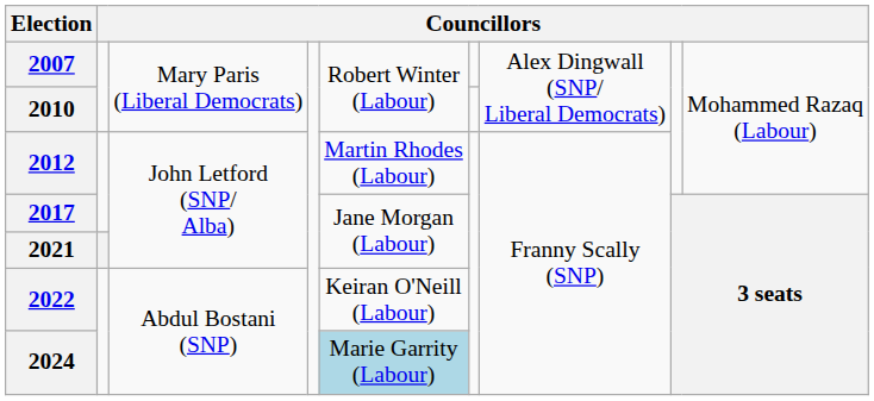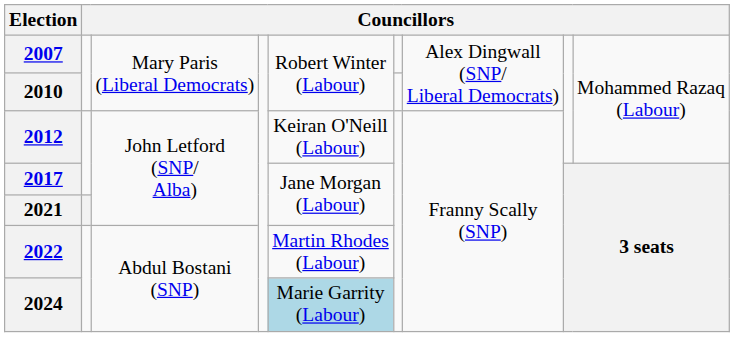 <table class="wikitable" style="text-align:center">
 <tr>
 <th>Election</th>
 <th colspan=8>Councillors</th>
 </tr>
 <tr>
 <th><a href='#'>2007</a></th>
 <td rowspan=2; style="background-color: "></td>
 <td rowspan=2>Mary Paris<br>(<a href='#'>Liberal Democrats</a>)</td>
 <td rowspan=77; style="background-color: "></td>
 <td rowspan=2>Robert Winter<br>(<a href='#'>Labour</a>)</td>
 <td rowspan=1; style="background-color: "></td>
 <td rowspan=2>Alex Dingwall<br>(<a href='#'>SNP</a>/<br><a href='#'>Liberal Democrats</a>)</td>
 <td rowspan=3; style="background-color: "></td>
 <td rowspan=3>Mohammed Razaq<br>(<a href='#'>Labour</a>)</td>
 </tr>
 <tr>
 <th>2010</th>
 <td rowspan=1; style="background-color: "></td>
 </tr>
 <tr>
 <th><a href='#'>2012</a></th>
 <td rowspan=2; style="background-color: "></td>
 <td rowspan=3>John Letford<br>(<a href='#'>SNP</a>/<br><a href='#'>Alba</a>)</td>
-<td rowspan=1><a href='#'>Martin Rhodes</a><br>(<a href='#'>Labour</a>)</td>
+<td rowspan=1>Keiran O'Neill<br>(<a href='#'>Labour</a>)</td>
 <td rowspan=5; style="background-color: "></td>
 <td rowspan=5>Franny Scally<br>(<a href='#'>SNP</a>)</td>
 </tr>
 <tr>
 <th><a href='#'>2017</a></th>
 <td rowspan=2>Jane Morgan<br>(<a href='#'>Labour</a>)</td>
 <th rowspan=4; colspan=2>3 seats</th>
 </tr>
 <tr>
 <th>2021</th>
 <th rowspan=1; style="background-color: "></th>
 </tr>
 <tr>
 <th><a href='#'>2022</a></th>
 <td rowspan=2; style="background-color: "></td>
 <td rowspan=2>Abdul Bostani<br>(<a href='#'>SNP</a>)</td>
-<td rowspan=1>Keiran O'Neill<br>(<a href='#'>Labour</a>)</td>
+<td rowspan=1><a href='#'>Martin Rhodes</a><br>(<a href='#'>Labour</a>)</td>
 </tr>
 <tr>
 <th>2024</th>
 <td rowspan=1 style="background: lightblue;">Marie Garrity<br>(<a href='#'>Labour</a>)</td>
 </tr>
 </table>
